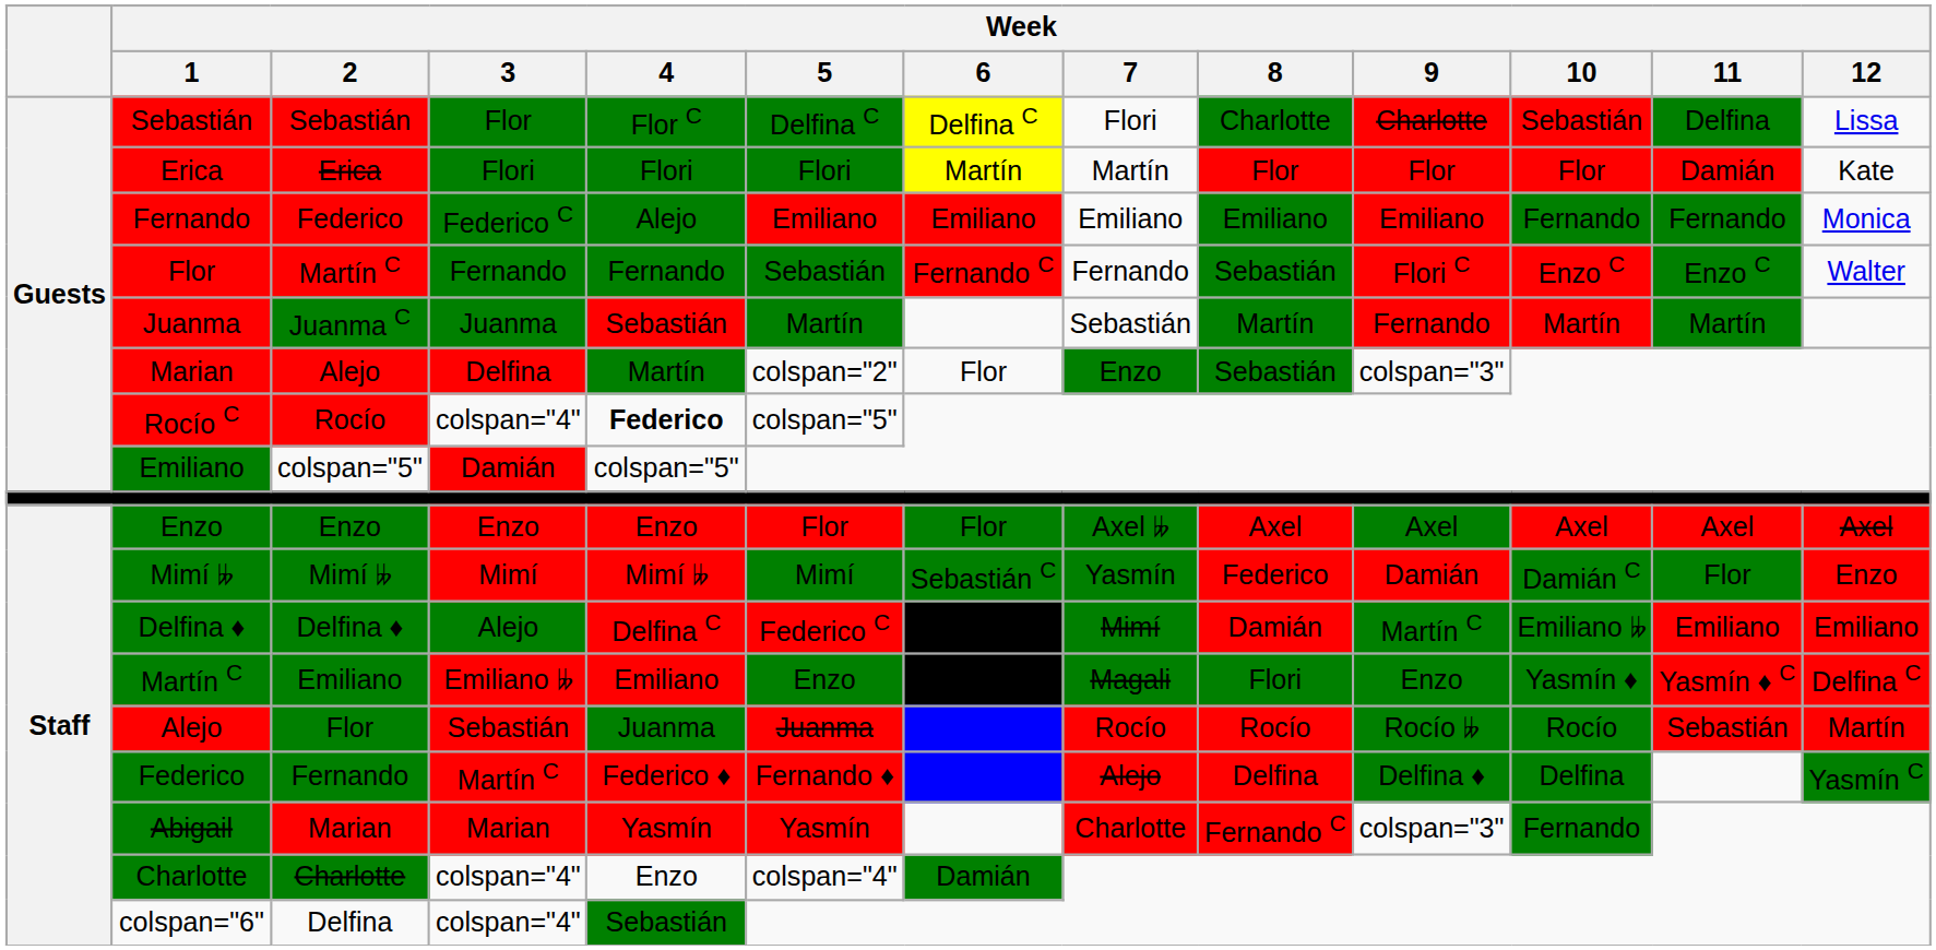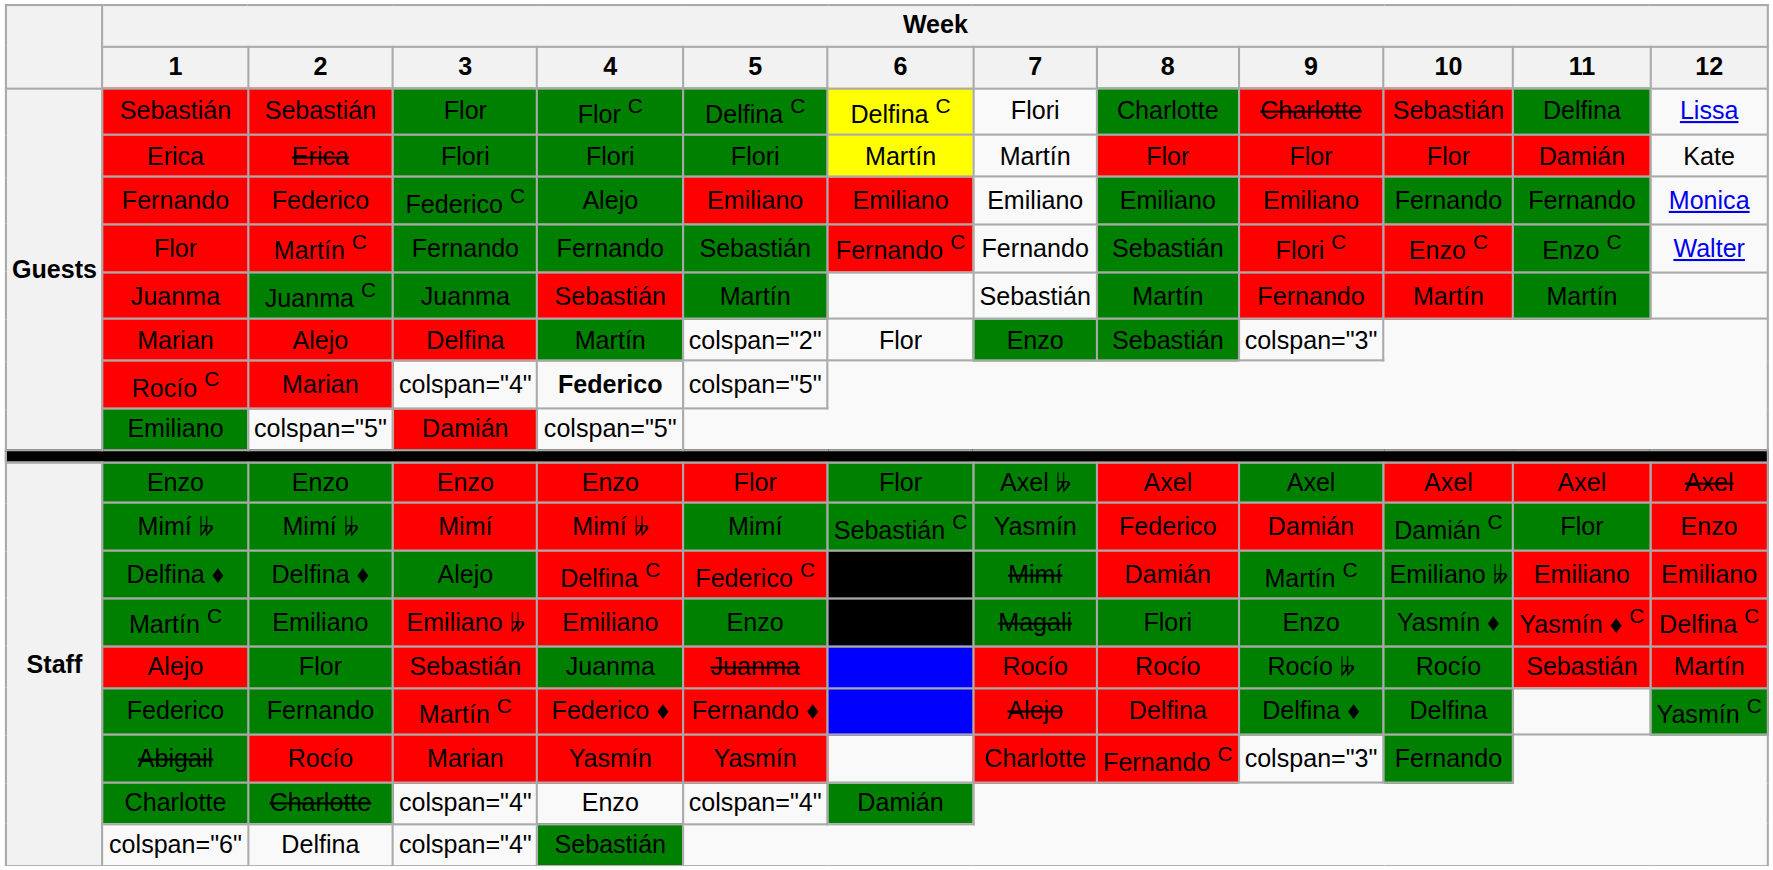 <table class="wikitable" style="font-size:75%; text-align:center; margin-left: auto; margin-right: auto">
 <tr>
 <th rowspan="2"></th>
 <th colspan="12">Week</th>
 </tr>
 <tr>
 <th>1</th>
 <th>2</th>
 <th>3</th>
 <th>4</th>
 <th>5</th>
 <th>6</th>
 <th>7</th>
 <th>8</th>
 <th>9</th>
 <th>10</th>
 <th>11</th>
 <th>12</th>
 </tr>
 <tr>
 <th rowspan="8">Guests</th>
 <td bgcolor="red">Sebastián</td>
 <td bgcolor="red">Sebastián</td>
 <td bgcolor="green">Flor</td>
 <td bgcolor="green">Flor <sup>C</sup></td>
 <td bgcolor="green">Delfina <sup>C</sup></td>
 <td bgcolor="yellow">Delfina <sup>C</sup></td>
 <td>Flori</td>
 <td bgcolor="green">Charlotte</td>
 <td bgcolor="red"><s>Charlotte</s></td>
 <td bgcolor="red">Sebastián</td>
 <td bgcolor="green">Delfina</td>
 <td><a href='#'>Lissa</a></td>
 </tr>
 <tr>
 <td bgcolor="red">Erica</td>
 <td bgcolor="red"><s>Erica</s></td>
 <td bgcolor="green">Flori</td>
 <td bgcolor="green">Flori</td>
 <td bgcolor="green">Flori</td>
 <td bgcolor="yellow">Martín</td>
 <td>Martín</td>
 <td bgcolor="red">Flor</td>
 <td bgcolor="red">Flor</td>
 <td bgcolor="red">Flor</td>
 <td bgcolor="red">Damián</td>
 <td>Kate</td>
 </tr>
 <tr>
 <td bgcolor="red">Fernando</td>
 <td bgcolor="red">Federico</td>
 <td bgcolor="green">Federico <sup>C</sup></td>
 <td bgcolor="green">Alejo</td>
 <td bgcolor="red">Emiliano</td>
 <td bgcolor="red">Emiliano</td>
 <td>Emiliano</td>
 <td bgcolor="green">Emiliano</td>
 <td bgcolor="red">Emiliano</td>
 <td bgcolor="green">Fernando</td>
 <td bgcolor="green">Fernando</td>
 <td><a href='#'>Monica</a></td>
 </tr>
 <tr>
 <td bgcolor="red">Flor</td>
 <td bgcolor="red">Martín <sup>C</sup></td>
 <td bgcolor="green">Fernando</td>
 <td bgcolor="green">Fernando</td>
 <td bgcolor="green">Sebastián</td>
 <td bgcolor="red">Fernando <sup>C</sup></td>
 <td>Fernando</td>
 <td bgcolor="green">Sebastián</td>
 <td bgcolor="red">Flori <sup>C</sup></td>
 <td bgcolor="red">Enzo <sup>C</sup></td>
 <td bgcolor="green">Enzo <sup>C</sup></td>
 <td><a href='#'>Walter</a></td>
 </tr>
 <tr>
 <td bgcolor="red">Juanma</td>
 <td bgcolor="green">Juanma <sup>C</sup></td>
 <td bgcolor="green">Juanma</td>
 <td bgcolor="red">Sebastián</td>
 <td bgcolor="green">Martín</td>
 <td></td>
 <td>Sebastián</td>
 <td bgcolor="green">Martín</td>
 <td bgcolor="red">Fernando</td>
 <td bgcolor="red">Martín</td>
 <td bgcolor="green">Martín</td>
 <td></td>
 </tr>
 <tr>
 <td bgcolor="red">Marian</td>
 <td bgcolor="red">Alejo</td>
 <td bgcolor="red">Delfina</td>
 <td bgcolor="green">Martín</td>
 <td>colspan="2" </td>
 <td>Flor</td>
 <td bgcolor="green">Enzo</td>
 <td bgcolor="green">Sebastián</td>
 <td>colspan="3" </td>
 </tr>
 <tr>
 <td bgcolor="red">Rocío <sup>C</sup></td>
-<td bgcolor="red">Rocío</td>
+<td bgcolor="red">Marian</td>
 <td>colspan="4" </td>
 <td><strong>Federico</strong></td>
 <td>colspan="5" </td>
 </tr>
 <tr>
 <td bgcolor="green">Emiliano</td>
 <td>colspan="5" </td>
 <td bgcolor="red">Damián</td>
 <td>colspan="5" </td>
 </tr>
 <tr>
 <td colspan="13" bgcolor="black"></td>
 </tr>
 <tr>
 <th rowspan="9">Staff</th>
 <td bgcolor="green">Enzo</td>
 <td bgcolor="green">Enzo</td>
 <td bgcolor="red">Enzo</td>
 <td bgcolor="red">Enzo</td>
 <td bgcolor="red">Flor</td>
 <td bgcolor="green">Flor</td>
 <td bgcolor="green">Axel 𝄫</td>
 <td bgcolor="red">Axel</td>
 <td bgcolor="green">Axel</td>
 <td bgcolor="red">Axel</td>
 <td bgcolor="red">Axel</td>
 <td bgcolor="red"><s>Axel</s></td>
 </tr>
 <tr>
 <td bgcolor="green">Mimí 𝄫</td>
 <td bgcolor="green">Mimí 𝄫</td>
 <td bgcolor="red">Mimí</td>
 <td bgcolor="red">Mimí 𝄫</td>
 <td bgcolor="green">Mimí</td>
 <td bgcolor="green">Sebastián <sup>C</sup></td>
 <td bgcolor="green">Yasmín</td>
 <td bgcolor="red">Federico</td>
 <td bgcolor="red">Damián</td>
 <td bgcolor="green">Damián <sup>C</sup></td>
 <td bgcolor="green">Flor</td>
 <td bgcolor="red">Enzo</td>
 </tr>
 <tr>
 <td bgcolor="green">Delfina ♦</td>
 <td bgcolor="green">Delfina ♦</td>
 <td bgcolor="green">Alejo</td>
 <td bgcolor="red">Delfina <sup>C</sup></td>
 <td bgcolor="red">Federico <sup>C</sup></td>
 <td bgcolor="black"></td>
 <td bgcolor="green"><s>Mimí</s></td>
 <td bgcolor="red">Damián</td>
 <td bgcolor="green">Martín <sup>C</sup></td>
 <td bgcolor="green">Emiliano 𝄫</td>
 <td bgcolor="red">Emiliano</td>
 <td bgcolor="red">Emiliano</td>
 </tr>
 <tr>
 <td bgcolor="green">Martín <sup>C</sup></td>
 <td bgcolor="green">Emiliano</td>
 <td bgcolor="red">Emiliano 𝄫</td>
 <td bgcolor="red">Emiliano</td>
 <td bgcolor="green">Enzo</td>
 <td bgcolor="black"></td>
 <td bgcolor="green"><s>Magali</s></td>
 <td bgcolor="green">Flori</td>
 <td bgcolor="green">Enzo</td>
 <td bgcolor="green">Yasmín ♦</td>
 <td bgcolor="red">Yasmín ♦ <sup>C</sup></td>
 <td bgcolor="red">Delfina <sup>C</sup></td>
 </tr>
 <tr>
 <td bgcolor="red">Alejo</td>
 <td bgcolor="green">Flor</td>
 <td bgcolor="red">Sebastián</td>
 <td bgcolor="green">Juanma</td>
 <td bgcolor="red"><s>Juanma</s></td>
 <td bgcolor="blue"></td>
 <td bgcolor="red">Rocío</td>
 <td bgcolor="red">Rocío</td>
 <td bgcolor="green">Rocío 𝄫</td>
 <td bgcolor="green">Rocío</td>
 <td bgcolor="red">Sebastián</td>
 <td bgcolor="red">Martín</td>
 </tr>
 <tr>
 <td bgcolor="green">Federico</td>
 <td bgcolor="green">Fernando</td>
 <td bgcolor="red">Martín <sup>C</sup></td>
 <td bgcolor="red">Federico ♦</td>
 <td bgcolor="red">Fernando ♦</td>
 <td bgcolor="blue"></td>
 <td bgcolor="red"><s>Alejo</s></td>
 <td bgcolor="red">Delfina</td>
 <td bgcolor="green">Delfina ♦</td>
 <td bgcolor="green">Delfina</td>
 <td></td>
 <td bgcolor="green">Yasmín <sup>C</sup></td>
 </tr>
 <tr>
 <td bgcolor="green"><s>Abigail</s></td>
-<td bgcolor="red">Marian</td>
+<td bgcolor="red">Rocío</td>
 <td bgcolor="red">Marian</td>
 <td bgcolor="red">Yasmín</td>
 <td bgcolor="red">Yasmín</td>
 <td></td>
 <td bgcolor="red">Charlotte</td>
 <td bgcolor="red">Fernando <sup>C</sup></td>
 <td>colspan="3" </td>
 <td bgcolor="green">Fernando</td>
 </tr>
 <tr>
 <td bgcolor="green">Charlotte</td>
 <td bgcolor="green"><s>Charlotte</s></td>
 <td>colspan="4" </td>
 <td>Enzo</td>
 <td>colspan="4" </td>
 <td bgcolor="green">Damián</td>
 </tr>
 <tr>
 <td>colspan="6" </td>
 <td>Delfina</td>
 <td>colspan="4" </td>
 <td bgcolor="green">Sebastián</td>
 </tr>
 </table>
